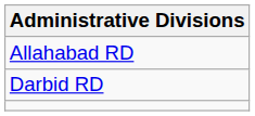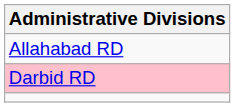 <table class="wikitable">
 <tr>
 <th>Administrative Divisions</th>
 </tr>
 <tr>
 <td><a href='#'>Allahabad RD</a></td>
 </tr>
 <tr>
-<td><a href='#'>Darbid RD</a></td>
+<td style="background: pink;"><a href='#'>Darbid RD</a></td>
 </tr>
 <tr>
 <td colspan=1></td>
 </tr>
 </table>
